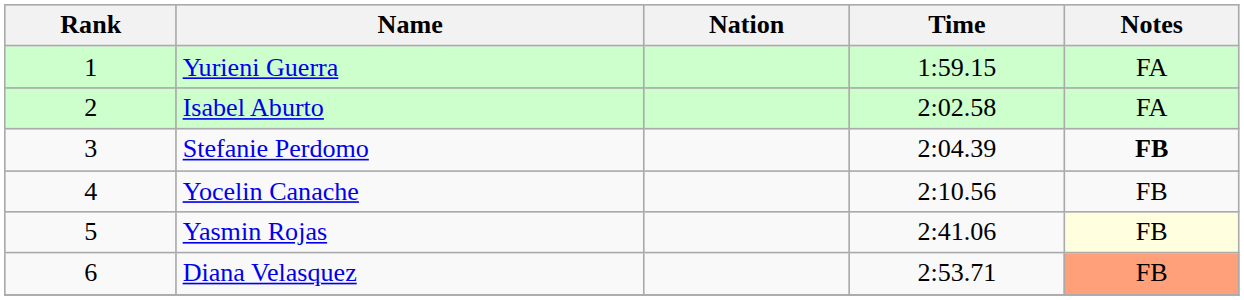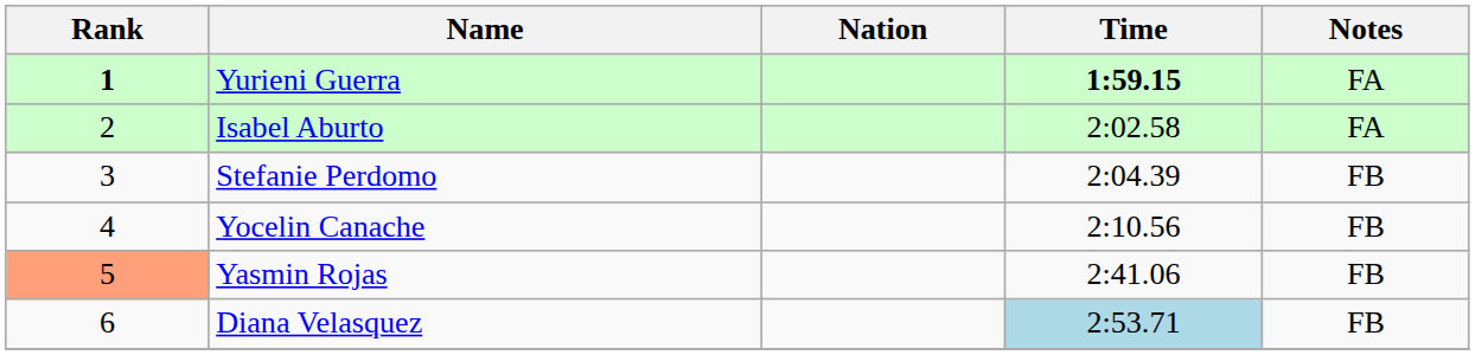 <table class="wikitable sortable" style="text-align:center" width=60%>
 <tr>
 <th>Rank</th>
 <th>Name</th>
 <th>Nation</th>
 <th>Time</th>
 <th>Notes</th>
 </tr>
 <tr bgcolor=ccffcc>
-<td>1</td>
+<td><strong>1</strong></td>
 <td align=left><a href='#'>Yurieni Guerra</a></td>
 <td align=left></td>
-<td>1:59.15</td>
+<td><strong>1:59.15</strong></td>
 <td>FA</td>
 </tr>
 <tr bgcolor=ccffcc>
 <td>2</td>
 <td align=left><a href='#'>Isabel Aburto</a></td>
 <td align=left></td>
 <td>2:02.58</td>
 <td>FA</td>
 </tr>
 <tr>
 <td>3</td>
 <td align=left><a href='#'>Stefanie Perdomo</a></td>
 <td align=left></td>
 <td>2:04.39</td>
-<td><strong>FB</strong></td>
+<td>FB</td>
 </tr>
 <tr>
 <td>4</td>
 <td align=left><a href='#'>Yocelin Canache</a></td>
 <td align=left></td>
 <td>2:10.56</td>
 <td>FB</td>
 </tr>
 <tr>
-<td>5</td>
+<td style="background: lightsalmon;">5</td>
 <td align=left><a href='#'>Yasmin Rojas</a></td>
 <td align=left></td>
 <td>2:41.06</td>
-<td style="background: lightyellow;">FB</td>
+<td>FB</td>
 </tr>
 <tr>
 <td>6</td>
 <td align=left><a href='#'>Diana Velasquez</a></td>
 <td align=left></td>
-<td>2:53.71</td>
-<td style="background: lightsalmon;">FB</td>
+<td style="background: lightblue;">2:53.71</td>
+<td>FB</td>
 </tr>
 <tr>
 </tr>
 </table>
